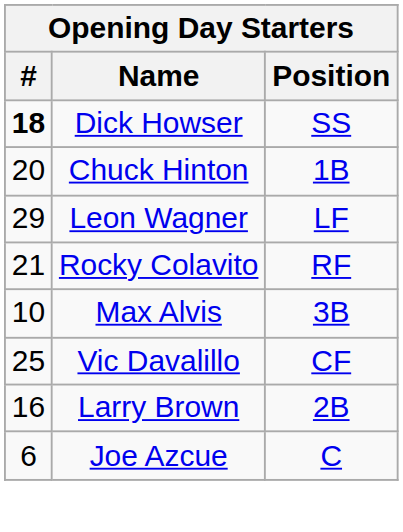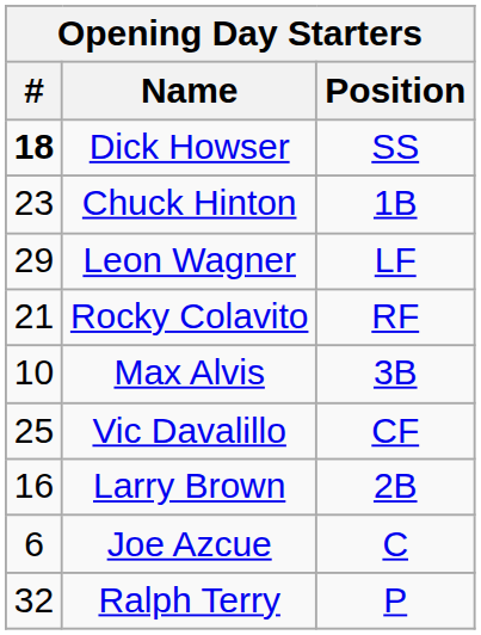 <table class="wikitable" style="text-align:center">
 <tr>
 <th colspan="3">Opening Day Starters</th>
 </tr>
 <tr>
 <th>#</th>
 <th>Name</th>
 <th>Position</th>
 </tr>
 <tr>
 <td><strong>18</strong></td>
 <td><a href='#'>Dick Howser</a></td>
 <td><a href='#'>SS</a></td>
 </tr>
 <tr>
-<td>20</td>
+<td>23</td>
 <td><a href='#'>Chuck Hinton</a></td>
 <td><a href='#'>1B</a></td>
 </tr>
 <tr>
 <td>29</td>
 <td><a href='#'>Leon Wagner</a></td>
 <td><a href='#'>LF</a></td>
 </tr>
 <tr>
 <td>21</td>
 <td><a href='#'>Rocky Colavito</a></td>
 <td><a href='#'>RF</a></td>
 </tr>
 <tr>
 <td>10</td>
 <td><a href='#'>Max Alvis</a></td>
 <td><a href='#'>3B</a></td>
 </tr>
 <tr>
 <td>25</td>
 <td><a href='#'>Vic Davalillo</a></td>
 <td><a href='#'>CF</a></td>
 </tr>
 <tr>
 <td>16</td>
 <td><a href='#'>Larry Brown</a></td>
 <td><a href='#'>2B</a></td>
 </tr>
 <tr>
 <td>6</td>
 <td><a href='#'>Joe Azcue</a></td>
 <td><a href='#'>C</a></td>
 </tr>
+<tr>
+<td>32</td>
+<td><a href='#'>Ralph Terry</a></td>
+<td><a href='#'>P</a></td>
+</tr>
 </table>
